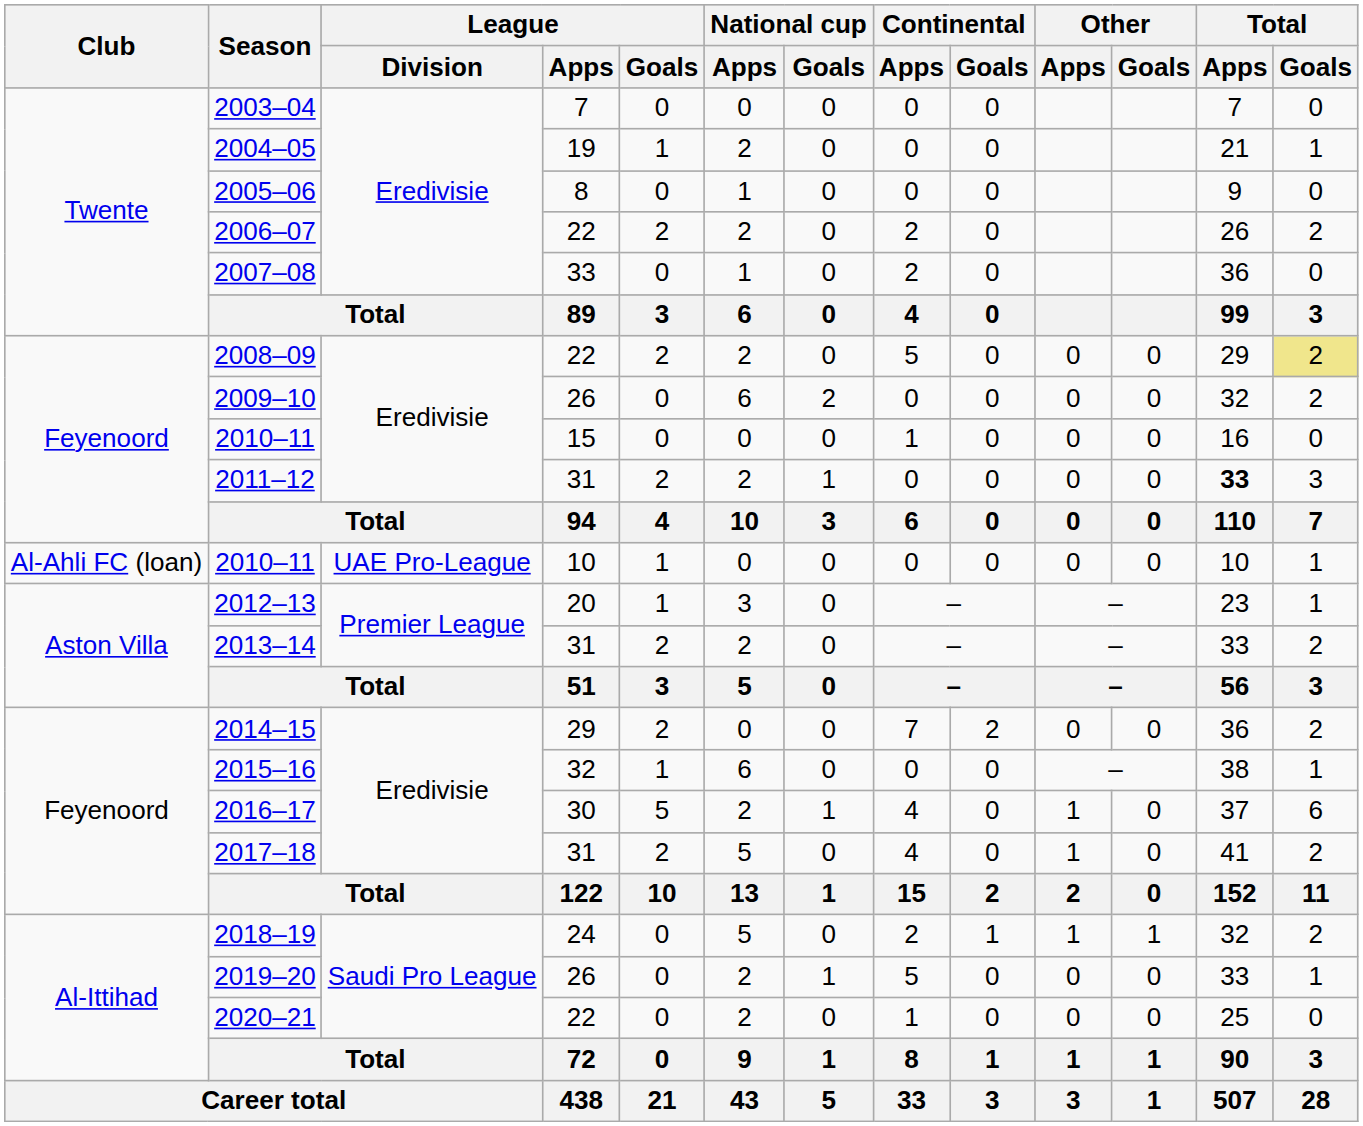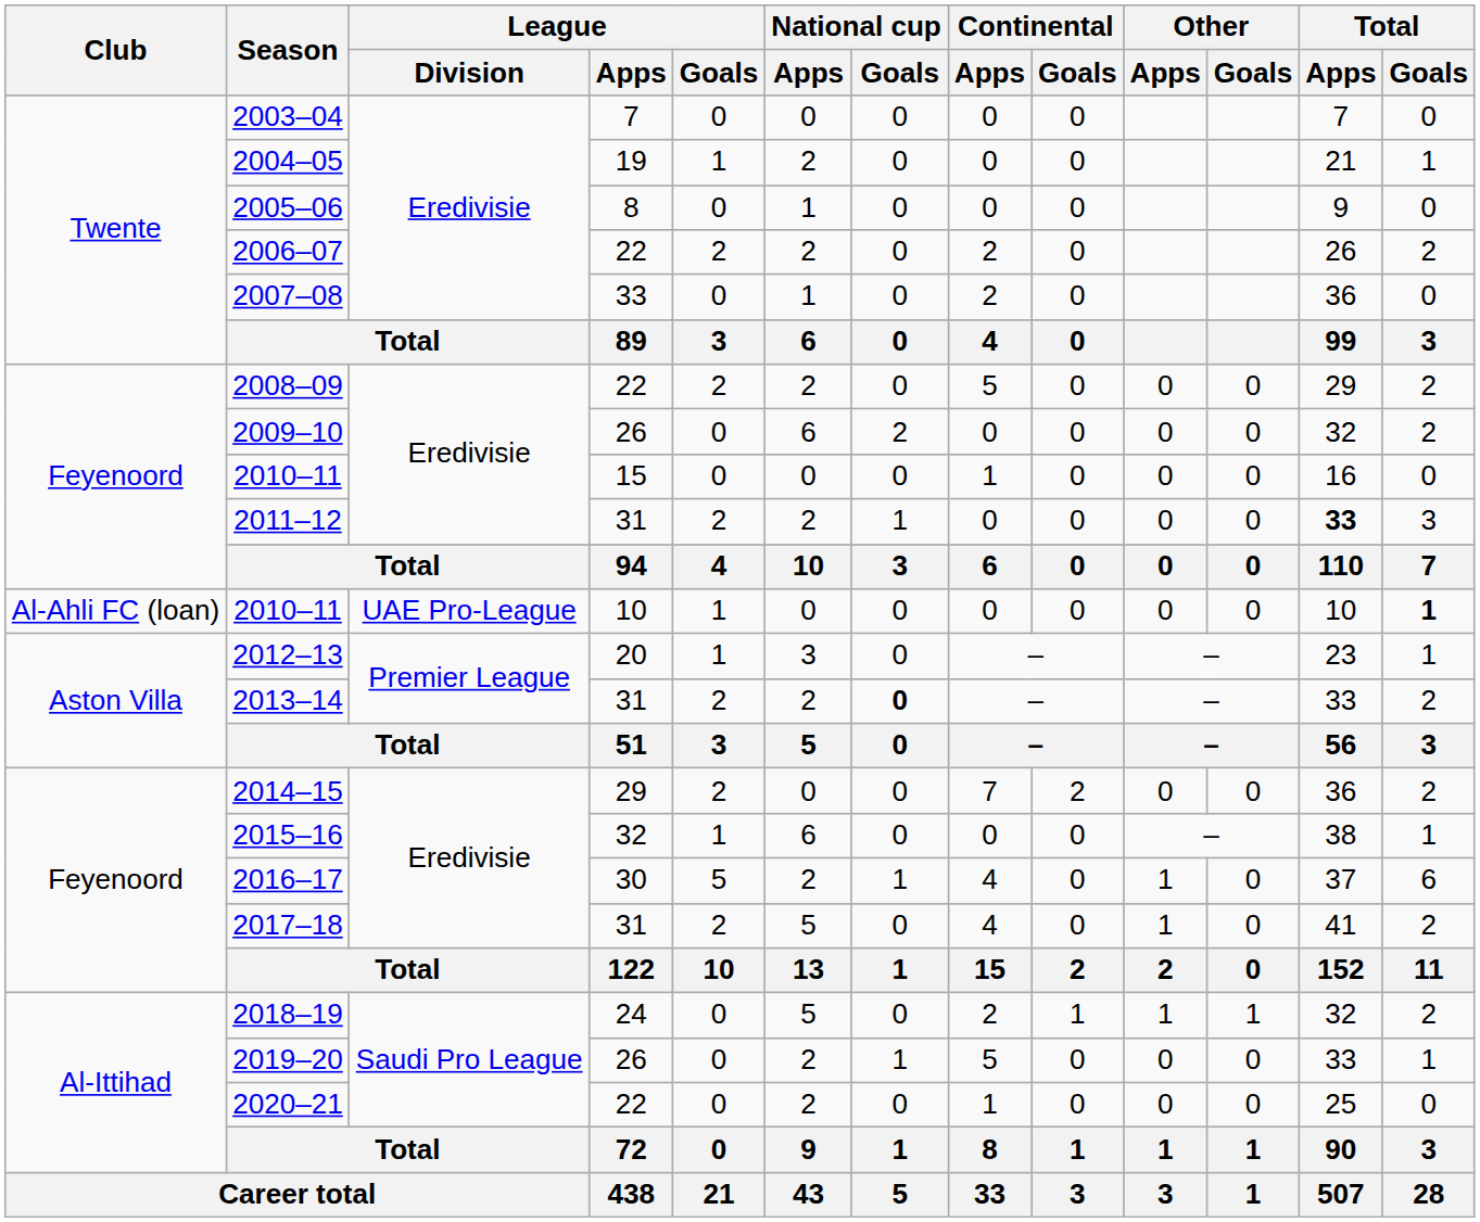 <table class="wikitable" style="text-align:center">
 <tr>
 <th rowspan="2">Club</th>
 <th rowspan="2">Season</th>
 <th colspan="3">League</th>
 <th colspan="2">National cup</th>
 <th colspan="2">Continental</th>
 <th colspan="2">Other</th>
 <th colspan="2">Total</th>
 </tr>
 <tr>
 <th>Division</th>
 <th>Apps</th>
 <th>Goals</th>
 <th>Apps</th>
 <th>Goals</th>
 <th>Apps</th>
 <th>Goals</th>
 <th>Apps</th>
 <th>Goals</th>
 <th>Apps</th>
 <th>Goals</th>
 </tr>
 <tr>
 <td rowspan="6"><a href='#'>Twente</a></td>
 <td><a href='#'>2003–04</a></td>
 <td rowspan="5"><a href='#'>Eredivisie</a></td>
 <td>7</td>
 <td>0</td>
 <td>0</td>
 <td>0</td>
 <td>0</td>
 <td>0</td>
 <td></td>
 <td></td>
 <td>7</td>
 <td>0</td>
 </tr>
 <tr>
 <td><a href='#'>2004–05</a></td>
 <td>19</td>
 <td>1</td>
 <td>2</td>
 <td>0</td>
 <td>0</td>
 <td>0</td>
 <td></td>
 <td></td>
 <td>21</td>
 <td>1</td>
 </tr>
 <tr>
 <td><a href='#'>2005–06</a></td>
 <td>8</td>
 <td>0</td>
 <td>1</td>
 <td>0</td>
 <td>0</td>
 <td>0</td>
 <td></td>
 <td></td>
 <td>9</td>
 <td>0</td>
 </tr>
 <tr>
 <td><a href='#'>2006–07</a></td>
 <td>22</td>
 <td>2</td>
 <td>2</td>
 <td>0</td>
 <td>2</td>
 <td>0</td>
 <td></td>
 <td></td>
 <td>26</td>
 <td>2</td>
 </tr>
 <tr>
 <td><a href='#'>2007–08</a></td>
 <td>33</td>
 <td>0</td>
 <td>1</td>
 <td>0</td>
 <td>2</td>
 <td>0</td>
 <td></td>
 <td></td>
 <td>36</td>
 <td>0</td>
 </tr>
 <tr>
 <th colspan="2">Total</th>
 <th>89</th>
 <th>3</th>
 <th>6</th>
 <th>0</th>
 <th>4</th>
 <th>0</th>
 <th></th>
 <th></th>
 <th>99</th>
 <th>3</th>
 </tr>
 <tr>
 <td rowspan="5"><a href='#'>Feyenoord</a></td>
 <td><a href='#'>2008–09</a></td>
 <td rowspan="4">Eredivisie</td>
 <td>22</td>
 <td>2</td>
 <td>2</td>
 <td>0</td>
 <td>5</td>
 <td>0</td>
 <td>0</td>
 <td>0</td>
 <td>29</td>
-<td style="background: khaki;">2</td>
+<td>2</td>
 </tr>
 <tr>
 <td><a href='#'>2009–10</a></td>
 <td>26</td>
 <td>0</td>
 <td>6</td>
 <td>2</td>
 <td>0</td>
 <td>0</td>
 <td>0</td>
 <td>0</td>
 <td>32</td>
 <td>2</td>
 </tr>
 <tr>
 <td><a href='#'>2010–11</a></td>
 <td>15</td>
 <td>0</td>
 <td>0</td>
 <td>0</td>
 <td>1</td>
 <td>0</td>
 <td>0</td>
 <td>0</td>
 <td>16</td>
 <td>0</td>
 </tr>
 <tr>
 <td><a href='#'>2011–12</a></td>
 <td>31</td>
 <td>2</td>
 <td>2</td>
 <td>1</td>
 <td>0</td>
 <td>0</td>
 <td>0</td>
 <td>0</td>
 <td><strong>33</strong></td>
 <td>3</td>
 </tr>
 <tr>
 <th colspan="2">Total</th>
 <th>94</th>
 <th>4</th>
 <th>10</th>
 <th>3</th>
 <th>6</th>
 <th>0</th>
 <th>0</th>
 <th>0</th>
 <th>110</th>
 <th>7</th>
 </tr>
 <tr>
 <td><a href='#'>Al-Ahli FC</a> (loan)</td>
 <td><a href='#'>2010–11</a></td>
 <td><a href='#'>UAE Pro-League</a></td>
 <td>10</td>
 <td>1</td>
 <td>0</td>
 <td>0</td>
 <td>0</td>
 <td>0</td>
 <td>0</td>
 <td>0</td>
 <td>10</td>
-<td>1</td>
+<td><strong>1</strong></td>
 </tr>
 <tr>
 <td rowspan="3"><a href='#'>Aston Villa</a></td>
 <td><a href='#'>2012–13</a></td>
 <td rowspan="2"><a href='#'>Premier League</a></td>
 <td>20</td>
 <td>1</td>
 <td>3</td>
 <td>0</td>
 <td colspan="2">–</td>
 <td colspan="2">–</td>
 <td>23</td>
 <td>1</td>
 </tr>
 <tr>
 <td><a href='#'>2013–14</a></td>
 <td>31</td>
 <td>2</td>
 <td>2</td>
-<td>0</td>
+<td><strong>0</strong></td>
 <td colspan="2">–</td>
 <td colspan="2">–</td>
 <td>33</td>
 <td>2</td>
 </tr>
 <tr>
 <th colspan="2">Total</th>
 <th>51</th>
 <th>3</th>
 <th>5</th>
 <th>0</th>
 <th colspan="2">–</th>
 <th colspan="2">–</th>
 <th>56</th>
 <th>3</th>
 </tr>
 <tr>
 <td rowspan="5">Feyenoord</td>
 <td><a href='#'>2014–15</a></td>
 <td rowspan="4">Eredivisie</td>
 <td>29</td>
 <td>2</td>
 <td>0</td>
 <td>0</td>
 <td>7</td>
 <td>2</td>
 <td>0</td>
 <td>0</td>
 <td>36</td>
 <td>2</td>
 </tr>
 <tr>
 <td><a href='#'>2015–16</a></td>
 <td>32</td>
 <td>1</td>
 <td>6</td>
 <td>0</td>
 <td>0</td>
 <td>0</td>
 <td colspan="2">–</td>
 <td>38</td>
 <td>1</td>
 </tr>
 <tr>
 <td><a href='#'>2016–17</a></td>
 <td>30</td>
 <td>5</td>
 <td>2</td>
 <td>1</td>
 <td>4</td>
 <td>0</td>
 <td>1</td>
 <td>0</td>
 <td>37</td>
 <td>6</td>
 </tr>
 <tr>
 <td><a href='#'>2017–18</a></td>
 <td>31</td>
 <td>2</td>
 <td>5</td>
 <td>0</td>
 <td>4</td>
 <td>0</td>
 <td>1</td>
 <td>0</td>
 <td>41</td>
 <td>2</td>
 </tr>
 <tr>
 <th colspan="2">Total</th>
 <th>122</th>
 <th>10</th>
 <th>13</th>
 <th>1</th>
 <th>15</th>
 <th>2</th>
 <th>2</th>
 <th>0</th>
 <th>152</th>
 <th>11</th>
 </tr>
 <tr>
 <td rowspan="4"><a href='#'>Al-Ittihad</a></td>
 <td><a href='#'>2018–19</a></td>
 <td rowspan="3"><a href='#'>Saudi Pro League</a></td>
 <td>24</td>
 <td>0</td>
 <td>5</td>
 <td>0</td>
 <td>2</td>
 <td>1</td>
 <td>1</td>
 <td>1</td>
 <td>32</td>
 <td>2</td>
 </tr>
 <tr>
 <td><a href='#'>2019–20</a></td>
 <td>26</td>
 <td>0</td>
 <td>2</td>
 <td>1</td>
 <td>5</td>
 <td>0</td>
 <td>0</td>
 <td>0</td>
 <td>33</td>
 <td>1</td>
 </tr>
 <tr>
 <td><a href='#'>2020–21</a></td>
 <td>22</td>
 <td>0</td>
 <td>2</td>
 <td>0</td>
 <td>1</td>
 <td>0</td>
 <td>0</td>
 <td>0</td>
 <td>25</td>
 <td>0</td>
 </tr>
 <tr>
 <th colspan="2">Total</th>
 <th>72</th>
 <th>0</th>
 <th>9</th>
 <th>1</th>
 <th>8</th>
 <th>1</th>
 <th>1</th>
 <th>1</th>
 <th>90</th>
 <th>3</th>
 </tr>
 <tr>
 <th colspan="3">Career total</th>
 <th>438</th>
 <th>21</th>
 <th>43</th>
 <th>5</th>
 <th>33</th>
 <th>3</th>
 <th>3</th>
 <th>1</th>
 <th>507</th>
 <th>28</th>
 </tr>
 </table>
